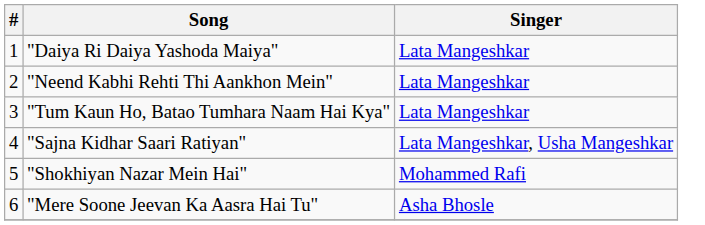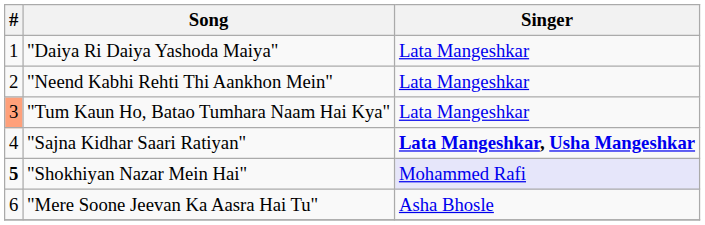 <table class="wikitable" style="font-size:95%;">
 <tr>
 <th>#</th>
 <th>Song</th>
 <th>Singer</th>
 </tr>
 <tr>
 <td>1</td>
 <td>"Daiya Ri Daiya Yashoda Maiya"</td>
 <td><a href='#'>Lata Mangeshkar</a></td>
 </tr>
 <tr>
 <td>2</td>
 <td>"Neend Kabhi Rehti Thi Aankhon Mein"</td>
 <td><a href='#'>Lata Mangeshkar</a></td>
 </tr>
 <tr>
-<td>3</td>
+<td style="background: lightsalmon;">3</td>
 <td>"Tum Kaun Ho, Batao Tumhara Naam Hai Kya"</td>
 <td><a href='#'>Lata Mangeshkar</a></td>
 </tr>
 <tr>
 <td>4</td>
 <td>"Sajna Kidhar Saari Ratiyan"</td>
-<td><a href='#'>Lata Mangeshkar</a>, <a href='#'>Usha Mangeshkar</a></td>
+<td><strong><a href='#'>Lata Mangeshkar</a>, <a href='#'>Usha Mangeshkar</a></strong></td>
 </tr>
 <tr>
-<td>5</td>
+<td><strong>5</strong></td>
 <td>"Shokhiyan Nazar Mein Hai"</td>
-<td><a href='#'>Mohammed Rafi</a></td>
+<td style="background: lavender;"><a href='#'>Mohammed Rafi</a></td>
 </tr>
 <tr>
 <td>6</td>
 <td>"Mere Soone Jeevan Ka Aasra Hai Tu"</td>
 <td><a href='#'>Asha Bhosle</a></td>
 </tr>
 <tr>
 </tr>
 </table>
